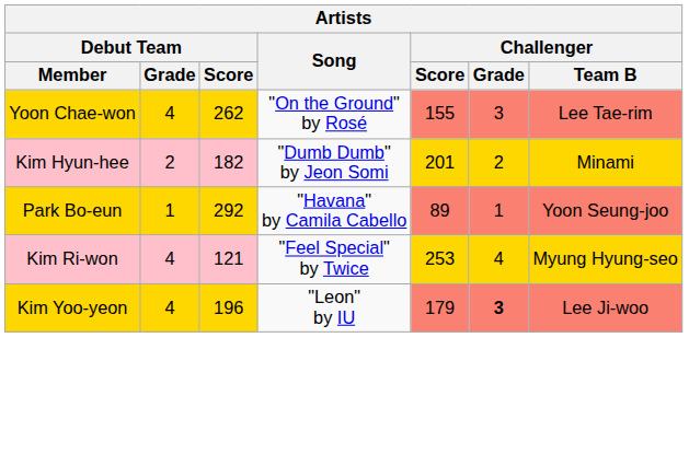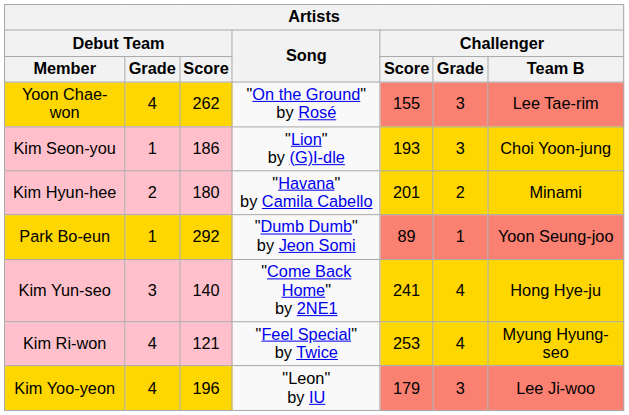 <table class="wikitable" style="text-align: center">
 <tr>
 <th colspan="7">Artists</th>
 </tr>
 <tr>
 <th colspan="3">Debut Team</th>
 <th rowspan="2">Song</th>
 <th colspan="3">Challenger</th>
 </tr>
 <tr>
 <th>Member</th>
 <th>Grade</th>
 <th>Score</th>
 <th>Score</th>
 <th>Grade</th>
 <th>Team B</th>
 </tr>
 <tr>
 <td style="background:gold;">Yoon Chae-won</td>
 <td style="background:gold;">4</td>
 <td style="background:gold;">262</td>
 <td>"<a href='#'>On the Ground</a>"<br>by <a href='#'>Rosé</a></td>
 <td style="background:salmon;">155</td>
 <td style="background:salmon;">3</td>
 <td style="background:salmon;">Lee Tae-rim</td>
 </tr>
 <tr>
+<td style="background:pink;">Kim Seon-you</td>
+<td style="background:pink;">1</td>
+<td style="background:pink;">186</td>
+<td>"<a href='#'>Lion</a>"<br>by <a href='#'>(G)I-dle</a></td>
+<td style="background:gold;">193</td>
+<td style="background:gold;">3</td>
+<td style="background:gold;">Choi Yoon-jung</td>
+</tr>
+<tr>
 <td style="background:pink;">Kim Hyun-hee</td>
 <td style="background:pink;">2</td>
-<td style="background:pink;">182</td>
-<td>"<a href='#'>Dumb Dumb</a>"<br>by <a href='#'>Jeon Somi</a></td>
+<td style="background:pink;">180</td>
+<td>"<a href='#'>Havana</a>"<br>by <a href='#'>Camila Cabello</a></td>
 <td style="background:gold;">201</td>
 <td style="background:gold;">2</td>
 <td style="background:gold;">Minami</td>
 </tr>
 <tr>
 <td style="background:gold;">Park Bo-eun</td>
 <td style="background:gold;">1</td>
 <td style="background:gold;">292</td>
-<td>"<a href='#'>Havana</a>"<br>by <a href='#'>Camila Cabello</a></td>
+<td>"<a href='#'>Dumb Dumb</a>"<br>by <a href='#'>Jeon Somi</a></td>
 <td style="background:salmon;">89</td>
 <td style="background:salmon;">1</td>
 <td style="background:salmon;">Yoon Seung-joo</td>
+</tr>
+<tr>
+<td style="background:pink;">Kim Yun-seo</td>
+<td style="background:pink;">3</td>
+<td style="background:pink;">140</td>
+<td>"<a href='#'>Come Back Home</a>"<br>by <a href='#'>2NE1</a></td>
+<td style="background:gold;">241</td>
+<td style="background:gold;">4</td>
+<td style="background:gold;">Hong Hye-ju</td>
 </tr>
 <tr>
 <td style="background:pink;">Kim Ri-won</td>
 <td style="background:pink;">4</td>
 <td style="background:pink;">121</td>
 <td>"<a href='#'>Feel Special</a>"<br>by <a href='#'>Twice</a></td>
 <td style="background:gold;">253</td>
 <td style="background:gold;">4</td>
 <td style="background:gold;">Myung Hyung-seo</td>
 </tr>
 <tr>
 <td style="background:gold;">Kim Yoo-yeon</td>
 <td style="background:gold;">4</td>
 <td style="background:gold;">196</td>
 <td>"Leon"<br>by <a href='#'>IU</a></td>
 <td style="background:salmon;">179</td>
-<td style="background:salmon;"><strong>3</strong></td>
+<td style="background:salmon;">3</td>
 <td style="background:salmon;">Lee Ji-woo</td>
 </tr>
 </table>
